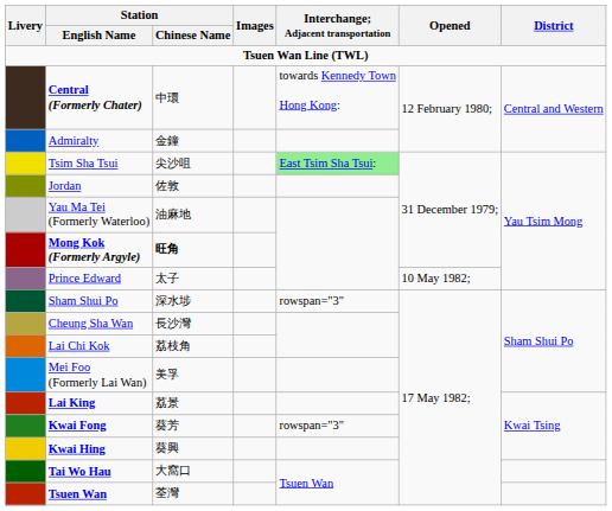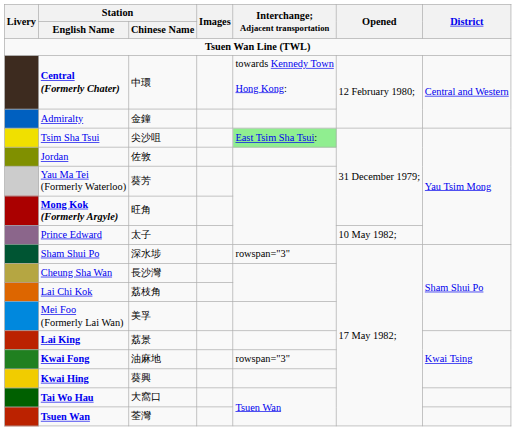 <table class="wikitable" style="color: black; border-collapse: collapse; font-size: 95%">
 <tr>
 <th rowspan="2">Livery</th>
 <th colspan="2">Station</th>
 <th rowspan="2">Images</th>
 <th rowspan="2">Interchange;<br><small>Adjacent transportation</small></th>
 <th rowspan="2">Opened</th>
 <th rowspan="2"><a href='#'>District</a></th>
 </tr>
 <tr>
 <th>English Name</th>
 <th>Chinese Name</th>
 </tr>
 <tr>
 <td colspan="9" style="text-align:center;"><strong><span>Tsuen Wan Line (TWL)</span></strong></td>
 </tr>
 <tr>
 <td style="background-color:#3D2B1F;"></td>
 <td><strong><a href='#'>Central</a><strong><em><br>(Formerly Chater)<em></td>
 <td>中環</td>
 <td></td>
 <td> towards <a href='#'>Kennedy Town</a><br><br> </strong><a href='#'>Hong Kong</a>:<strong><br><br></td>
 <td rowspan="2">12 February 1980;<br></td>
 <td rowspan="2"><a href='#'>Central and Western</a></td>
 </tr>
 <tr>
 <td style="background-color:#0060C0;"></td>
 <td></strong><a href='#'>Admiralty</a><strong></td>
 <td>金鐘</td>
 <td></td>
 <td></td>
 </tr>
 <tr>
 <td style="background-color:#F0E000;"></td>
 <td></strong><a href='#'>Tsim Sha Tsui</a><strong></td>
 <td>尖沙咀</td>
 <td></td>
 <td style="background: lightgreen;"> </strong><a href='#'>East Tsim Sha Tsui</a>:<strong><br></td>
 <td rowspan="4">31 December 1979;<br></td>
 <td rowspan="5"><a href='#'>Yau Tsim Mong</a></td>
 </tr>
 <tr>
 <td style="background-color:#809000;"></td>
 <td></strong><a href='#'>Jordan</a><strong></td>
 <td>佐敦</td>
 <td></td>
 <td></td>
 </tr>
 <tr>
 <td style="background-color:#CCCCCC;"></td>
 <td></strong><a href='#'>Yau Ma Tei</a><br></em></strong>(Formerly Waterloo)</em></td>
-<td>油麻地</td>
+<td>葵芳</td>
 <td></td>
 <td rowspan="3"></td>
 </tr>
 <tr>
 <td style="background-color:#AA0000;"></td>
 <td><strong><a href='#'>Mong Kok</a><br><strong><em>(Formerly Argyle)<em></td>
-<td><strong>旺角</strong></td>
+<td>旺角</td>
 <td></td>
 </tr>
 <tr>
 <td style="background-color:#8B668B;"></td>
 <td></strong><a href='#'>Prince Edward</a><strong></td>
 <td>太子</td>
 <td></td>
 <td>10 May 1982;<br></td>
 </tr>
 <tr>
 <td style="background-color:#005533;"></td>
 <td></strong><a href='#'>Sham Shui Po</a><strong></td>
 <td>深水埗</td>
 <td></td>
 <td>rowspan="3" </td>
 <td rowspan="9">17 May 1982;<br></td>
 <td rowspan="4"><a href='#'>Sham Shui Po</a></td>
 </tr>
 <tr>
 <td style="background-color:#B5A642;"></td>
 <td></strong><a href='#'>Cheung Sha Wan</a><strong></td>
 <td>長沙灣</td>
 <td></td>
 </tr>
 <tr>
 <td style="background-color:#DD6600;"></td>
 <td></strong><a href='#'>Lai Chi Kok</a><strong></td>
 <td>荔枝角</td>
 <td></td>
 </tr>
 <tr>
 <td style="background-color:#0088DD;"></td>
 <td></strong><a href='#'>Mei Foo</a><br></em></strong>(Formerly Lai Wan)</em></td>
 <td>美孚</td>
 <td></td>
 <td></td>
 </tr>
 <tr>
 <td style="background-color:#BB2200;"></td>
 <td><strong><a href='#'>Lai King</a></strong></td>
 <td>荔景</td>
 <td></td>
 <td></td>
 <td rowspan="3"><a href='#'>Kwai Tsing</a></td>
 </tr>
 <tr>
 <td style="background-color:#208020;"></td>
 <td><strong><a href='#'>Kwai Fong</a></strong></td>
-<td>葵芳</td>
+<td>油麻地</td>
 <td></td>
 <td>rowspan="3" </td>
 </tr>
 <tr>
 <td style="background-color:#F1CC00;"></td>
 <td><strong><a href='#'>Kwai Hing</a></strong></td>
 <td>葵興</td>
 <td></td>
 </tr>
 <tr>
 <td style="background-color:#006000;"></td>
 <td><strong><a href='#'>Tai Wo Hau</a></strong></td>
 <td>大窩口</td>
 <td></td>
 <td rowspan="2"><a href='#'>Tsuen Wan</a></td>
 </tr>
 <tr>
 <td style="background-color:#BB2200;"></td>
 <td><strong><a href='#'>Tsuen Wan</a></strong></td>
 <td>荃灣</td>
 <td></td>
 <td></td>
 </tr>
 </table>
